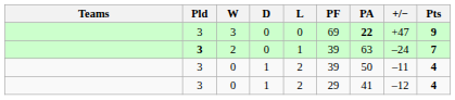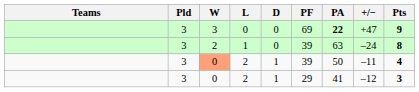 <table class="wikitable" style="text-align: center;">
 <tr>
 <th width="245">Teams</th>
 <th width="40">Pld</th>
 <th width="40">W</th>
+<th width="40">L</th>
 <th width="40">D</th>
-<th width="40">L</th>
 <th width="40">PF</th>
 <th width="40">PA</th>
 <th width="40">+/−</th>
 <th width="40">Pts</th>
 </tr>
 <tr bgcolor=ccffcc>
 <td align=left></td>
 <td>3</td>
 <td>3</td>
 <td>0</td>
 <td>0</td>
 <td>69</td>
 <td><strong>22</strong></td>
 <td>+47</td>
 <td><strong>9</strong></td>
 </tr>
 <tr bgcolor=ccffcc>
 <td align=left></td>
-<td><strong>3</strong></td>
+<td>3</td>
 <td>2</td>
+<td>1</td>
 <td>0</td>
-<td>1</td>
 <td>39</td>
 <td>63</td>
 <td>–24</td>
-<td><strong>7</strong></td>
+<td><strong>8</strong></td>
 </tr>
 <tr>
 <td align=left></td>
 <td>3</td>
-<td>0</td>
+<td style="background: lightsalmon;">0</td>
+<td>2</td>
 <td>1</td>
-<td>2</td>
 <td>39</td>
 <td>50</td>
 <td>–11</td>
 <td><strong>4</strong></td>
 </tr>
 <tr>
 <td align=left></td>
 <td>3</td>
 <td>0</td>
+<td>2</td>
 <td>1</td>
-<td>2</td>
 <td>29</td>
 <td>41</td>
 <td>–12</td>
-<td><strong>4</strong></td>
+<td><strong>3</strong></td>
 </tr>
 </table>
